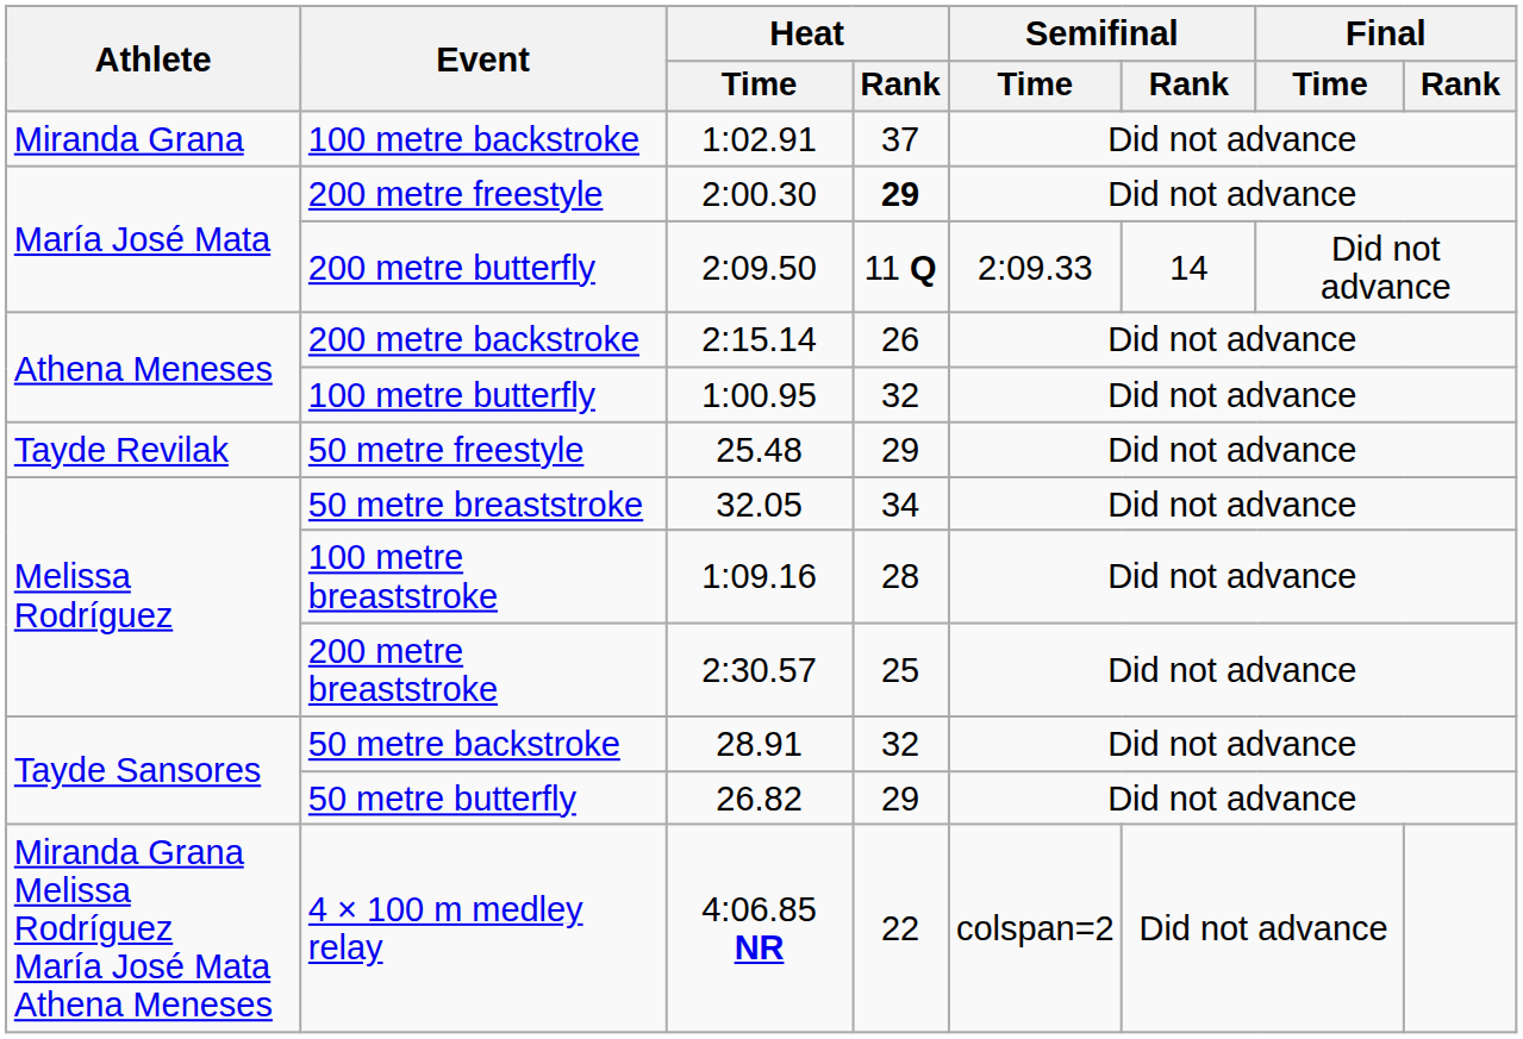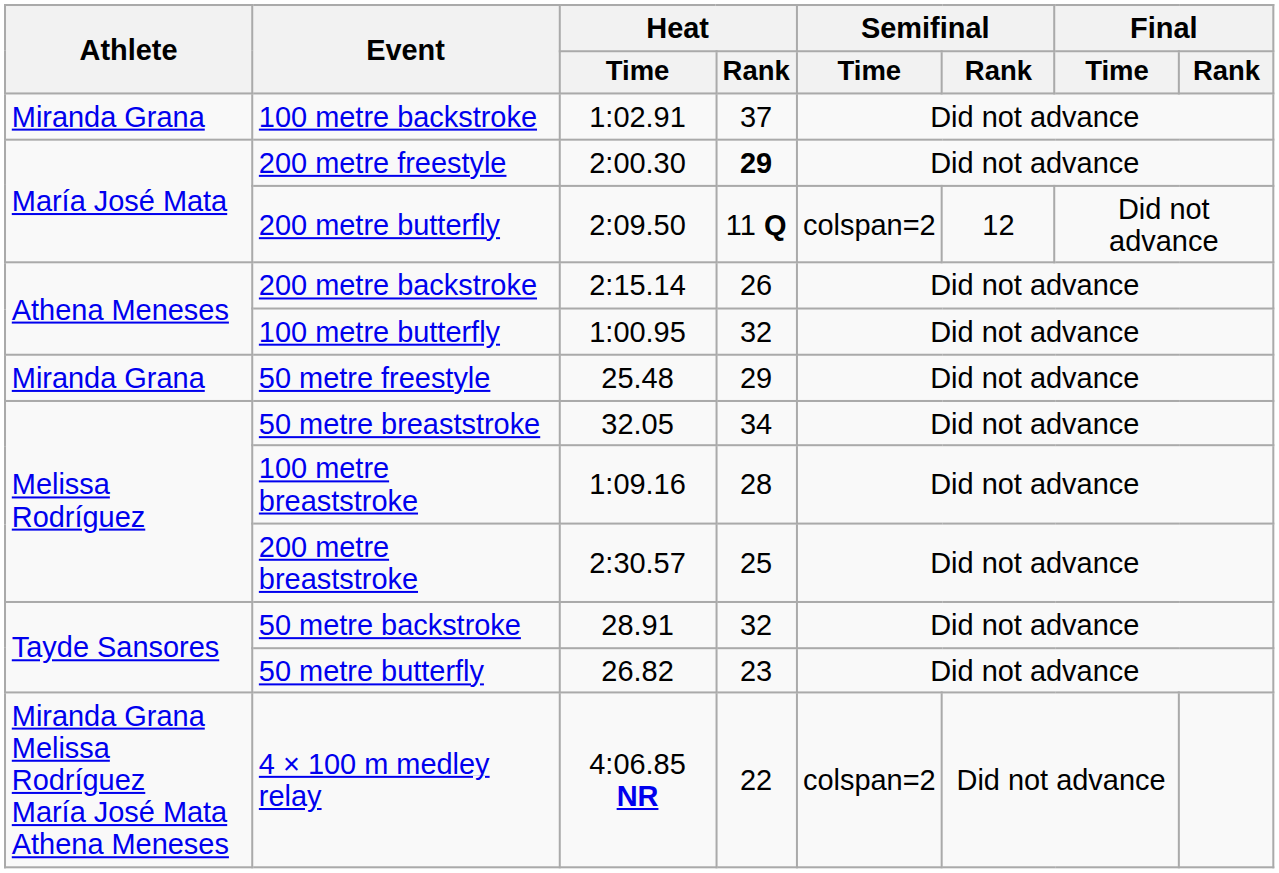 <table class="wikitable" style="text-align:center; font-size:90%; width:50%;">
 <tr>
 <th rowspan="2">Athlete</th>
 <th rowspan="2">Event</th>
 <th colspan="2">Heat</th>
 <th colspan="2">Semifinal</th>
 <th colspan="2">Final</th>
 </tr>
 <tr style="font-size:95%">
 <th>Time</th>
 <th>Rank</th>
 <th>Time</th>
 <th>Rank</th>
 <th>Time</th>
 <th>Rank</th>
 </tr>
 <tr align=center>
 <td align=left><a href='#'>Miranda Grana</a></td>
 <td align=left><a href='#'>100 metre backstroke</a></td>
 <td>1:02.91</td>
 <td>37</td>
 <td colspan=4>Did not advance</td>
 </tr>
 <tr>
 <td align=left rowspan=2><a href='#'>María José Mata</a></td>
 <td align=left><a href='#'>200 metre freestyle</a></td>
 <td>2:00.30</td>
 <td><strong>29</strong></td>
 <td colspan=4>Did not advance</td>
 </tr>
 <tr>
 <td align=left><a href='#'>200 metre butterfly</a></td>
 <td>2:09.50</td>
 <td>11 <strong>Q</strong></td>
-<td>2:09.33</td>
-<td>14</td>
+<td>colspan=2 </td>
+<td>12</td>
 <td colspan="2">Did not advance</td>
 </tr>
 <tr>
 <td align=left rowspan=2><a href='#'>Athena Meneses</a></td>
 <td align=left><a href='#'>200 metre backstroke</a></td>
 <td>2:15.14</td>
 <td>26</td>
 <td colspan=4>Did not advance</td>
 </tr>
 <tr>
 <td align=left><a href='#'>100 metre butterfly</a></td>
 <td>1:00.95</td>
 <td>32</td>
 <td colspan=4>Did not advance</td>
 </tr>
 <tr>
-<td align=left><a href='#'>Tayde Revilak</a></td>
+<td align=left><a href='#'>Miranda Grana</a></td>
 <td align=left><a href='#'>50 metre freestyle</a></td>
 <td>25.48</td>
 <td>29</td>
 <td colspan=4>Did not advance</td>
 </tr>
 <tr>
 <td align=left rowspan=3><a href='#'>Melissa Rodríguez</a></td>
 <td align=left><a href='#'>50 metre breaststroke</a></td>
 <td>32.05</td>
 <td>34</td>
 <td colspan=4>Did not advance</td>
 </tr>
 <tr>
 <td align=left><a href='#'>100 metre breaststroke</a></td>
 <td>1:09.16</td>
 <td>28</td>
 <td colspan=4>Did not advance</td>
 </tr>
 <tr>
 <td align=left><a href='#'>200 metre breaststroke</a></td>
 <td>2:30.57</td>
 <td>25</td>
 <td colspan=4>Did not advance</td>
 </tr>
 <tr>
 <td align=left rowspan=2><a href='#'>Tayde Sansores</a></td>
 <td align=left><a href='#'>50 metre backstroke</a></td>
 <td>28.91</td>
 <td>32</td>
 <td colspan=4>Did not advance</td>
 </tr>
 <tr>
 <td align=left><a href='#'>50 metre butterfly</a></td>
 <td>26.82</td>
-<td>29</td>
+<td>23</td>
 <td colspan=4>Did not advance</td>
 </tr>
 <tr>
 <td align=left><a href='#'>Miranda Grana</a><br><a href='#'>Melissa Rodríguez</a><br><a href='#'>María José Mata</a> <br><a href='#'>Athena Meneses</a></td>
 <td align=left><a href='#'>4 × 100 m medley relay</a></td>
 <td>4:06.85 <strong><a href='#'>NR</a></strong></td>
 <td>22</td>
 <td>colspan=2 </td>
 <td colspan=2>Did not advance</td>
 </tr>
 </table>
